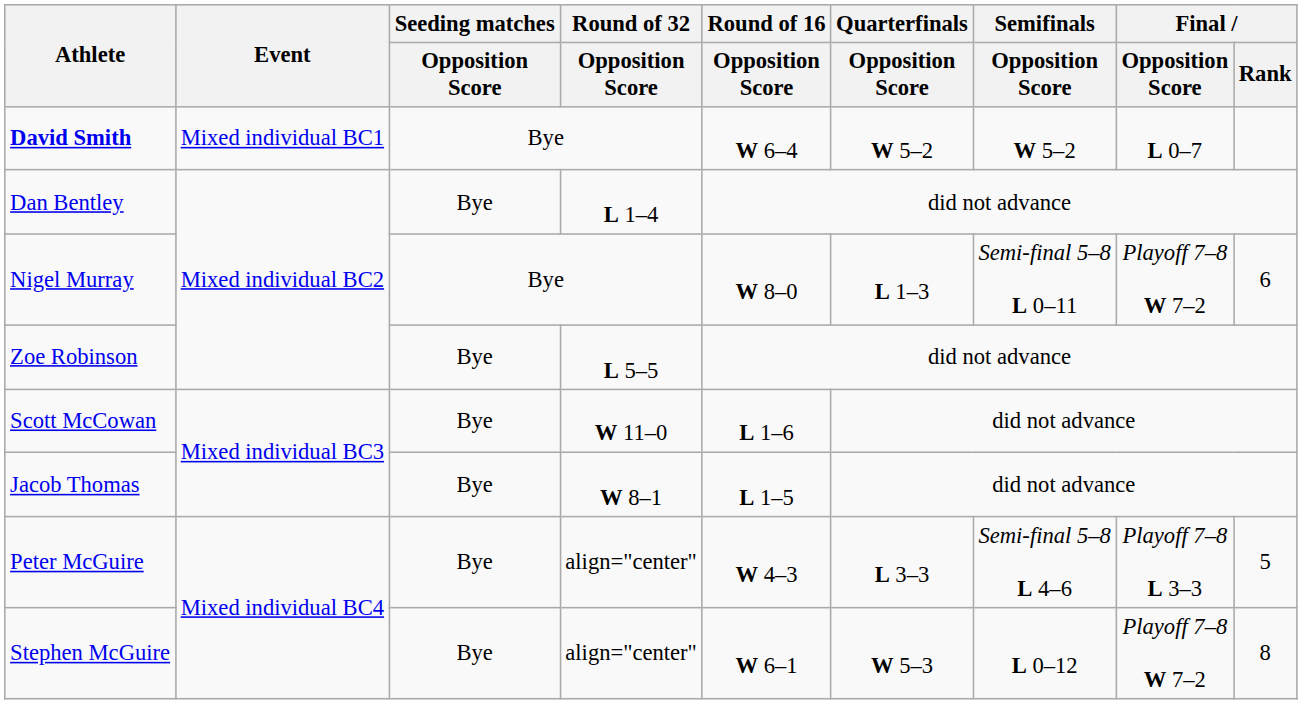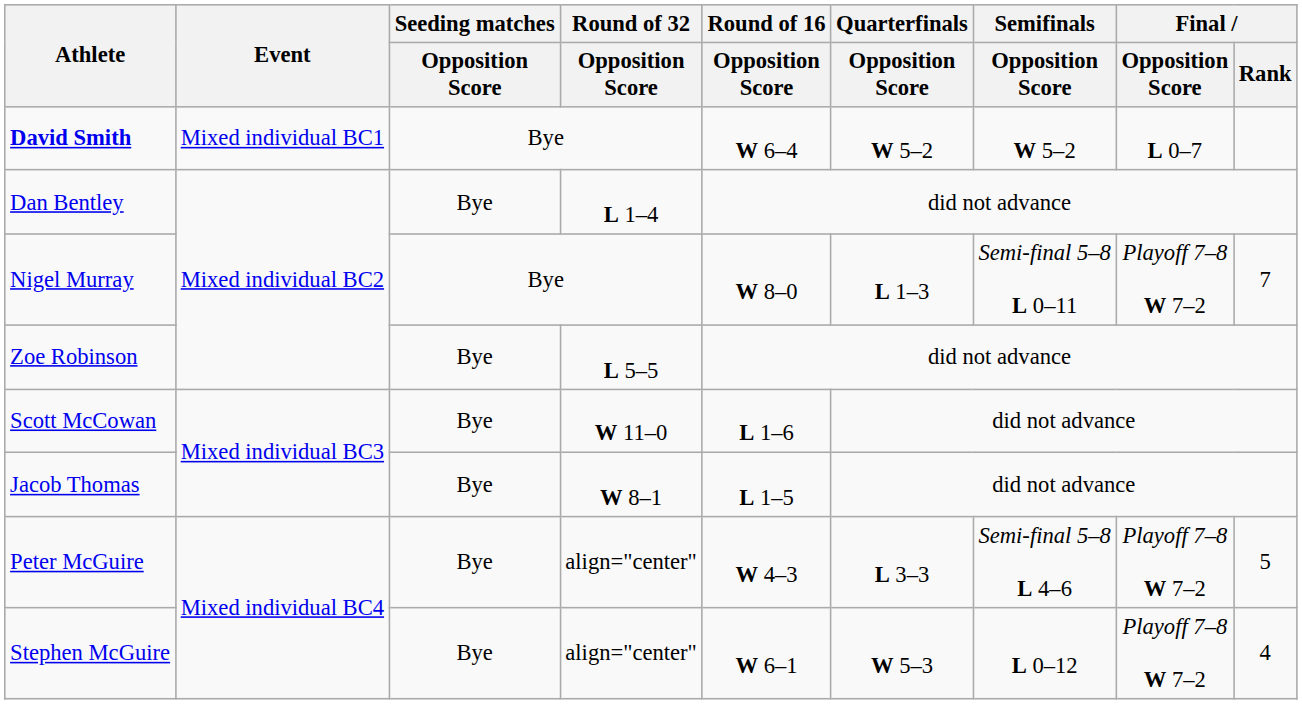 <table class=wikitable style="font-size:90%">
 <tr>
 <th rowspan="2">Athlete</th>
 <th rowspan="2">Event</th>
 <th>Seeding matches</th>
 <th>Round of 32</th>
 <th>Round of 16</th>
 <th>Quarterfinals</th>
 <th>Semifinals</th>
 <th colspan="2">Final / </th>
 </tr>
 <tr>
 <th>Opposition<br>Score</th>
 <th>Opposition<br>Score</th>
 <th>Opposition<br>Score</th>
 <th>Opposition<br>Score</th>
 <th>Opposition<br>Score</th>
 <th>Opposition<br>Score</th>
 <th>Rank</th>
 </tr>
 <tr>
 <td><strong><a href='#'>David Smith</a></strong></td>
 <td><a href='#'>Mixed individual BC1</a></td>
 <td align="center" colspan=2>Bye</td>
 <td align="center"><br><strong>W</strong> 6–4</td>
 <td align="center"><br><strong>W</strong> 5–2</td>
 <td align="center"><br><strong>W</strong> 5–2</td>
 <td align="center"><br><strong>L</strong> 0–7</td>
 <td align="center"></td>
 </tr>
 <tr>
 <td><a href='#'>Dan Bentley</a></td>
 <td rowspan="3"><a href='#'>Mixed individual BC2</a></td>
 <td align="center">Bye</td>
 <td align="center"><br><strong>L</strong> 1–4</td>
 <td align="center" colspan=5>did not advance</td>
 </tr>
 <tr>
 <td><a href='#'>Nigel Murray</a></td>
 <td align="center" colspan=2>Bye</td>
 <td align="center"><br><strong>W</strong> 8–0</td>
 <td align="center"><br><strong>L</strong> 1–3</td>
 <td align="center"><em>Semi-final 5–8</em><br><br><strong>L</strong> 0–11</td>
 <td align="center"><em>Playoff 7–8</em><br><br><strong>W</strong> 7–2</td>
-<td align="center">6</td>
+<td align="center">7</td>
 </tr>
 <tr>
 <td><a href='#'>Zoe Robinson</a></td>
 <td align="center">Bye</td>
 <td align="center"><br><strong>L</strong> 5–5</td>
 <td align="center" colspan=5>did not advance</td>
 </tr>
 <tr>
 <td><a href='#'>Scott McCowan</a></td>
 <td rowspan="2"><a href='#'>Mixed individual BC3</a></td>
 <td align="center">Bye</td>
 <td align="center"><br><strong>W</strong> 11–0</td>
 <td align="center"><br><strong>L</strong> 1–6</td>
 <td align="center" colspan=4>did not advance</td>
 </tr>
 <tr>
 <td><a href='#'>Jacob Thomas</a></td>
 <td align="center">Bye</td>
 <td align="center"><br><strong>W</strong> 8–1</td>
 <td align="center"><br><strong>L</strong> 1–5</td>
 <td align="center" colspan=4>did not advance</td>
 </tr>
 <tr>
 <td><a href='#'>Peter McGuire</a></td>
 <td rowspan="2"><a href='#'>Mixed individual BC4</a></td>
 <td align="center">Bye</td>
 <td>align="center" </td>
 <td align="center"><br><strong>W</strong> 4–3</td>
 <td align="center"><br><strong>L</strong> 3–3</td>
 <td align="center"><em>Semi-final 5–8</em><br><br><strong>L</strong> 4–6</td>
-<td align="center"><em>Playoff 7–8</em><br><br><strong>L</strong> 3–3</td>
+<td align="center"><em>Playoff 7–8</em><br><br><strong>W</strong> 7–2</td>
 <td align="center">5</td>
 </tr>
 <tr>
 <td><a href='#'>Stephen McGuire</a></td>
 <td align="center">Bye</td>
 <td>align="center" </td>
 <td align="center"><br><strong>W</strong> 6–1</td>
 <td align="center"><br><strong>W</strong> 5–3</td>
 <td align="center"><br><strong>L</strong> 0–12</td>
 <td align="center"><em>Playoff 7–8</em><br><br><strong>W</strong> 7–2</td>
-<td align="center">8</td>
+<td align="center">4</td>
 </tr>
 </table>
